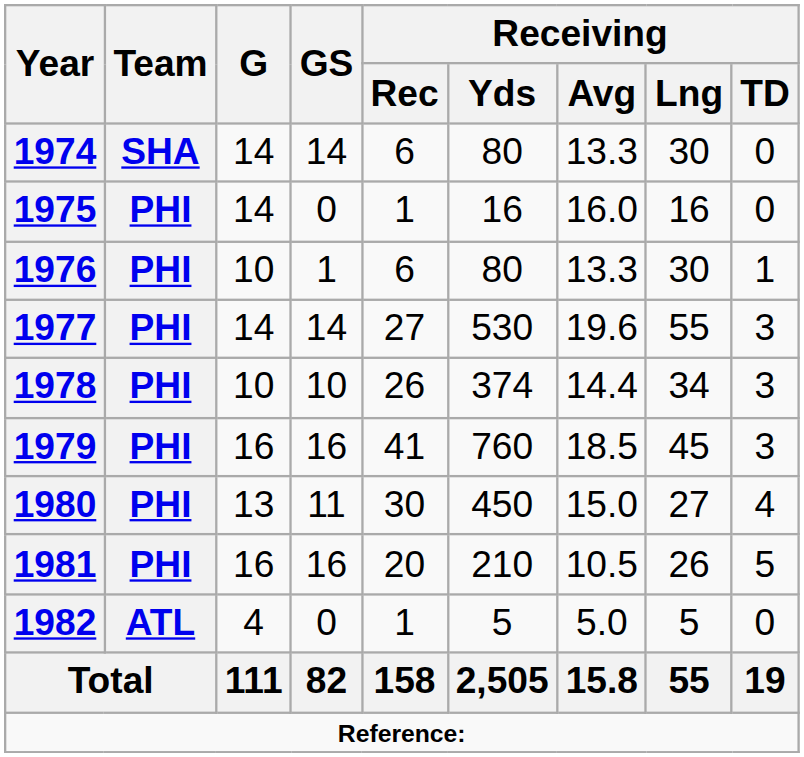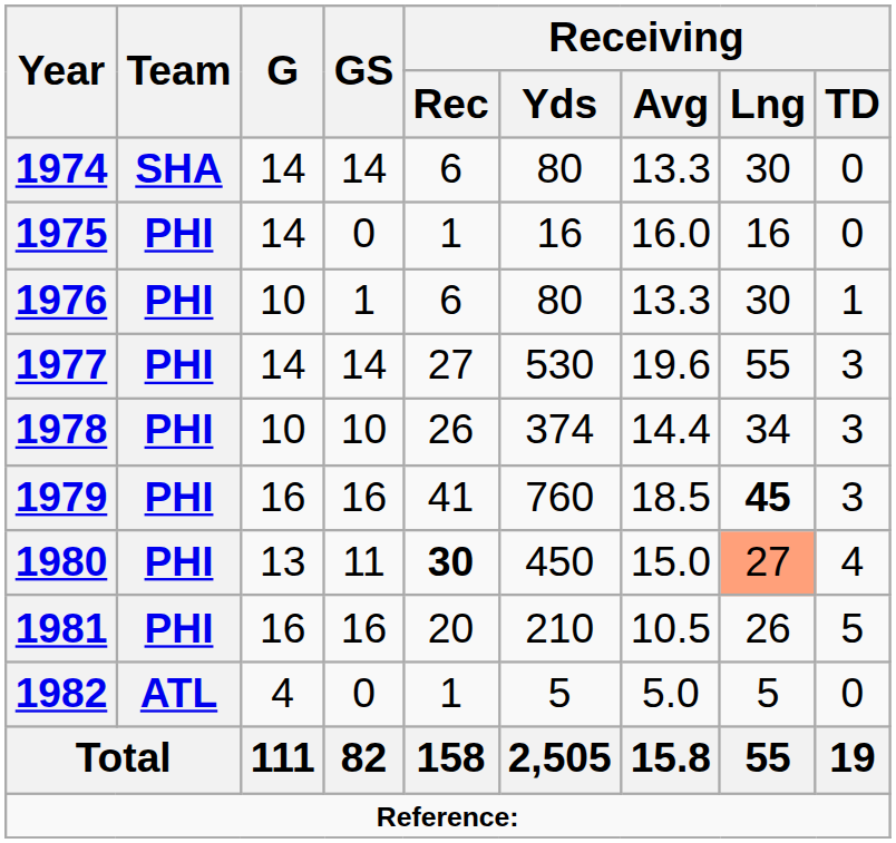 <table class="wikitable" style="text-align: center;">
 <tr>
 <th rowspan="2">Year</th>
 <th rowspan="2">Team</th>
 <th rowspan="2">G</th>
 <th rowspan="2">GS</th>
 <th colspan="5">Receiving</th>
 </tr>
 <tr>
 <th>Rec</th>
 <th>Yds</th>
 <th>Avg</th>
 <th>Lng</th>
 <th>TD</th>
 </tr>
 <tr>
 <th><a href='#'>1974</a></th>
 <th><a href='#'>SHA</a></th>
 <td>14</td>
 <td>14</td>
 <td>6</td>
 <td>80</td>
 <td>13.3</td>
 <td>30</td>
 <td>0</td>
 </tr>
 <tr>
 <th><a href='#'>1975</a></th>
 <th><a href='#'>PHI</a></th>
 <td>14</td>
 <td>0</td>
 <td>1</td>
 <td>16</td>
 <td>16.0</td>
 <td>16</td>
 <td>0</td>
 </tr>
 <tr>
 <th><a href='#'>1976</a></th>
 <th><a href='#'>PHI</a></th>
 <td>10</td>
 <td>1</td>
 <td>6</td>
 <td>80</td>
 <td>13.3</td>
 <td>30</td>
 <td>1</td>
 </tr>
 <tr>
 <th><a href='#'>1977</a></th>
 <th><a href='#'>PHI</a></th>
 <td>14</td>
 <td>14</td>
 <td>27</td>
 <td>530</td>
 <td>19.6</td>
 <td>55</td>
 <td>3</td>
 </tr>
 <tr>
 <th><a href='#'>1978</a></th>
 <th><a href='#'>PHI</a></th>
 <td>10</td>
 <td>10</td>
 <td>26</td>
 <td>374</td>
 <td>14.4</td>
 <td>34</td>
 <td>3</td>
 </tr>
 <tr>
 <th><a href='#'>1979</a></th>
 <th><a href='#'>PHI</a></th>
 <td>16</td>
 <td>16</td>
 <td>41</td>
 <td>760</td>
 <td>18.5</td>
-<td>45</td>
+<td><strong>45</strong></td>
 <td>3</td>
 </tr>
 <tr>
 <th><a href='#'>1980</a></th>
 <th><a href='#'>PHI</a></th>
 <td>13</td>
 <td>11</td>
-<td>30</td>
+<td><strong>30</strong></td>
 <td>450</td>
 <td>15.0</td>
-<td>27</td>
+<td style="background: lightsalmon;">27</td>
 <td>4</td>
 </tr>
 <tr>
 <th><a href='#'>1981</a></th>
 <th><a href='#'>PHI</a></th>
 <td>16</td>
 <td>16</td>
 <td>20</td>
 <td>210</td>
 <td>10.5</td>
 <td>26</td>
 <td>5</td>
 </tr>
 <tr>
 <th><a href='#'>1982</a></th>
 <th><a href='#'>ATL</a></th>
 <td>4</td>
 <td>0</td>
 <td>1</td>
 <td>5</td>
 <td>5.0</td>
 <td>5</td>
 <td>0</td>
 </tr>
 <tr>
 <th colspan="2">Total</th>
 <th>111</th>
 <th>82</th>
 <th>158</th>
 <th>2,505</th>
 <th>15.8</th>
 <th>55</th>
 <th>19</th>
 </tr>
 <tr>
 <td colspan="9"  style="font-size:8pt; text-align:center;"><strong>Reference:</strong></td>
 </tr>
 </table>
